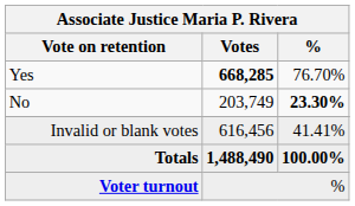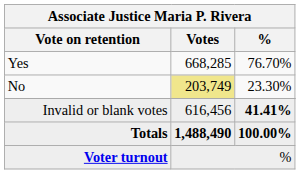 <table class="wikitable" style="font-size: 95%;">
 <tr style="background-color:#E9E9E9">
 <th colspan=7>Associate Justice Maria P. Rivera</th>
 </tr>
 <tr style="background-color:#E9E9E9">
 <th style="width: 170px">Vote on retention</th>
 <th style="width: 50px">Votes</th>
 <th style="width: 40px">%</th>
 </tr>
 <tr>
 <td>Yes</td>
-<td align="right"><strong>668,285</strong></td>
+<td align="right">668,285</td>
 <td align="right">76.70%</td>
 </tr>
 <tr>
 <td>No</td>
-<td align="right">203,749</td>
-<td align="right"><strong>23.30%</strong></td>
+<td align="right" style="background: khaki;">203,749</td>
+<td align="right">23.30%</td>
 </tr>
 <tr style="background-color:#F6F6F6">
 </tr>
 <tr bgcolor="#EEEEEE">
 <td align="right">Invalid or blank votes</td>
 <td align="right">616,456</td>
-<td align="right">41.41%</td>
+<td align="right"><strong>41.41%</strong></td>
 </tr>
 <tr bgcolor="#EEEEEE">
 <td align="right"><strong>Totals</strong></td>
 <td align="right"><strong>1,488,490</strong></td>
 <td align="right"><strong>100.00%</strong></td>
 </tr>
 <tr bgcolor="#EEEEEE">
 <td align="right"><strong><a href='#'>Voter turnout</a></strong></td>
 <td colspan="2" align="right">%</td>
 </tr>
 </table>
